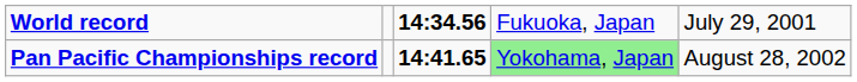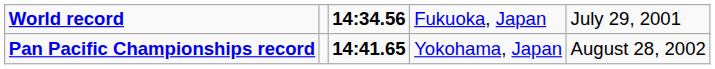 <table class="wikitable">
 <tr>
 <td><strong><a href='#'>World record</a></strong></td>
 <td></td>
 <td><strong>14:34.56</strong></td>
 <td><a href='#'>Fukuoka</a>, <a href='#'>Japan</a></td>
 <td>July 29, 2001</td>
 </tr>
 <tr>
 <td><strong><a href='#'>Pan Pacific Championships record</a></strong></td>
 <td></td>
 <td><strong>14:41.65</strong></td>
-<td style="background: lightgreen;"><a href='#'>Yokohama</a>, <a href='#'>Japan</a></td>
+<td><a href='#'>Yokohama</a>, <a href='#'>Japan</a></td>
 <td>August 28, 2002</td>
 </tr>
 </table>
